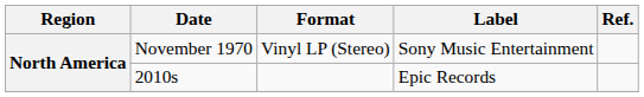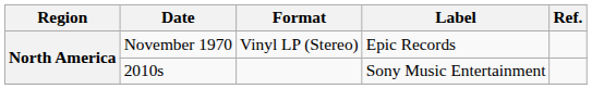 <table class="wikitable plainrowheaders">
 <tr>
 <th scope="col">Region</th>
 <th scope="col">Date</th>
 <th scope="col">Format</th>
 <th scope="col">Label</th>
 <th scope="col">Ref.</th>
 </tr>
 <tr>
 <th scope="row" rowspan="2">North America</th>
 <td>November 1970</td>
 <td>Vinyl LP (Stereo)</td>
-<td>Sony Music Entertainment</td>
+<td>Epic Records</td>
 <td></td>
 </tr>
 <tr>
 <td>2010s</td>
 <td></td>
-<td>Epic Records</td>
+<td>Sony Music Entertainment</td>
 <td></td>
 </tr>
 <tr>
 </tr>
 </table>
